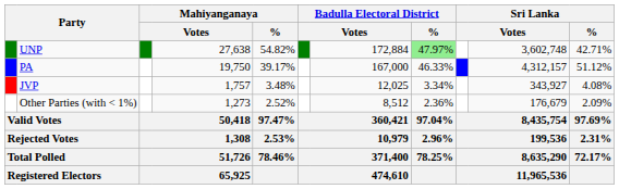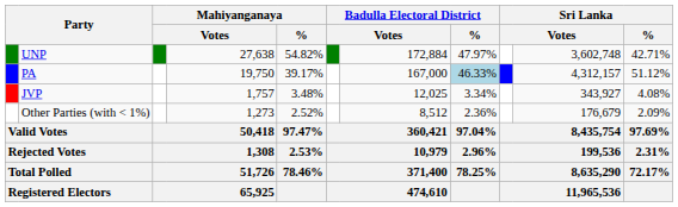 <table class="wikitable">
 <tr>
 <th colspan="2" width="144px"rowspan="2">Party</th>
 <th colspan="3" width="216px">Mahiyanganaya</th>
 <th colspan="3" width="216px"><a href='#'>Badulla Electoral District</a></th>
 <th colspan="3" width="216px">Sri Lanka</th>
 </tr>
 <tr>
 <th colspan="2" width="144px">Votes</th>
 <th>%</th>
 <th colspan="2" width="144px">Votes</th>
 <th>%</th>
 <th colspan="2" width="144px">Votes</th>
 <th>%</th>
 </tr>
 <tr>
 <td style="background-color:green;" width="10px"></td>
 <td style="text-align:left;"><a href='#'>UNP</a></td>
 <td style="background-color:green;" width="10px"></td>
 <td style="text-align:right;">27,638</td>
 <td style="text-align:right;">54.82%</td>
 <td style="background-color:green;" width="10px"></td>
 <td style="text-align:right;">172,884</td>
-<td style="background: lightgreen; text-align:right;">47.97%</td>
+<td style="text-align:right;">47.97%</td>
 <td style="background-color:white;" width="10px"></td>
 <td style="text-align:right;">3,602,748</td>
 <td style="text-align:right;">42.71%</td>
 </tr>
 <tr>
 <td style="background-color:blue;" width="10px"></td>
 <td style="text-align:left;"><a href='#'>PA</a></td>
 <td style="background-color:white;" width="10px"></td>
 <td style="text-align:right;">19,750</td>
 <td style="text-align:right;">39.17%</td>
 <td style="background-color:white;" width="10px"></td>
 <td style="text-align:right;">167,000</td>
-<td style="text-align:right;">46.33%</td>
+<td style="background: lightblue; text-align:right;">46.33%</td>
 <td style="background-color:blue;" width="10px"></td>
 <td style="text-align:right;">4,312,157</td>
 <td style="text-align:right;">51.12%</td>
 </tr>
 <tr>
 <td style="background-color:red;" width="10px"></td>
 <td style="text-align:left;"><a href='#'>JVP</a></td>
 <td style="background-color:white;" width="10px"></td>
 <td style="text-align:right;">1,757</td>
 <td style="text-align:right;">3.48%</td>
 <td style="background-color:white;" width="10px"></td>
 <td style="text-align:right;">12,025</td>
 <td style="text-align:right;">3.34%</td>
 <td style="background-color:white;" width="10px"></td>
 <td style="text-align:right;">343,927</td>
 <td style="text-align:right;">4.08%</td>
 </tr>
 <tr>
 <td style="background-color:white;" width="10px"></td>
 <td style="text-align:left;">Other Parties (with < 1%)</td>
 <td style="background-color:white;" width="10px"></td>
 <td style="text-align:right;">1,273</td>
 <td style="text-align:right;">2.52%</td>
 <td style="background-color:white;" width="10px"></td>
 <td style="text-align:right;">8,512</td>
 <td style="text-align:right;">2.36%</td>
 <td style="background-color:white;" width="10px"></td>
 <td style="text-align:right;">176,679</td>
 <td style="text-align:right;">2.09%</td>
 </tr>
 <tr>
 <th colspan="2" width="144px"style="text-align:left;">Valid Votes</th>
 <th style="text-align:right;"colspan="2" width="144px">50,418</th>
 <th style="text-align:right;">97.47%</th>
 <th style="text-align:right;"colspan="2" width="144px">360,421</th>
 <th style="text-align:right;">97.04%</th>
 <th style="text-align:right;"colspan="2" width="144px">8,435,754</th>
 <th style="text-align:right;">97.69%</th>
 </tr>
 <tr>
 <th colspan="2" width="144px"style="text-align:left;">Rejected Votes</th>
 <th style="text-align:right;"colspan="2" width="144px">1,308</th>
 <th style="text-align:right;">2.53%</th>
 <th style="text-align:right;"colspan="2" width="144px">10,979</th>
 <th style="text-align:right;">2.96%</th>
 <th style="text-align:right;"colspan="2" width="144px">199,536</th>
 <th style="text-align:right;">2.31%</th>
 </tr>
 <tr>
 <th colspan="2" width="144px"style="text-align:left;">Total Polled</th>
 <th style="text-align:right;"colspan="2" width="144px">51,726</th>
 <th style="text-align:right;">78.46%</th>
 <th style="text-align:right;"colspan="2" width="144px">371,400</th>
 <th style="text-align:right;">78.25%</th>
 <th style="text-align:right;"colspan="2" width="144px">8,635,290</th>
 <th style="text-align:right;">72.17%</th>
 </tr>
 <tr>
 <th colspan="2" width="144px"style="text-align:left;">Registered Electors</th>
 <th style="text-align:right;"colspan="2" width="144px">65,925</th>
 <th></th>
 <th style="text-align:right;"colspan="2" width="144px">474,610</th>
 <th></th>
 <th style="text-align:right;"colspan="2" width="144px">11,965,536</th>
 <th></th>
 </tr>
 </table>
